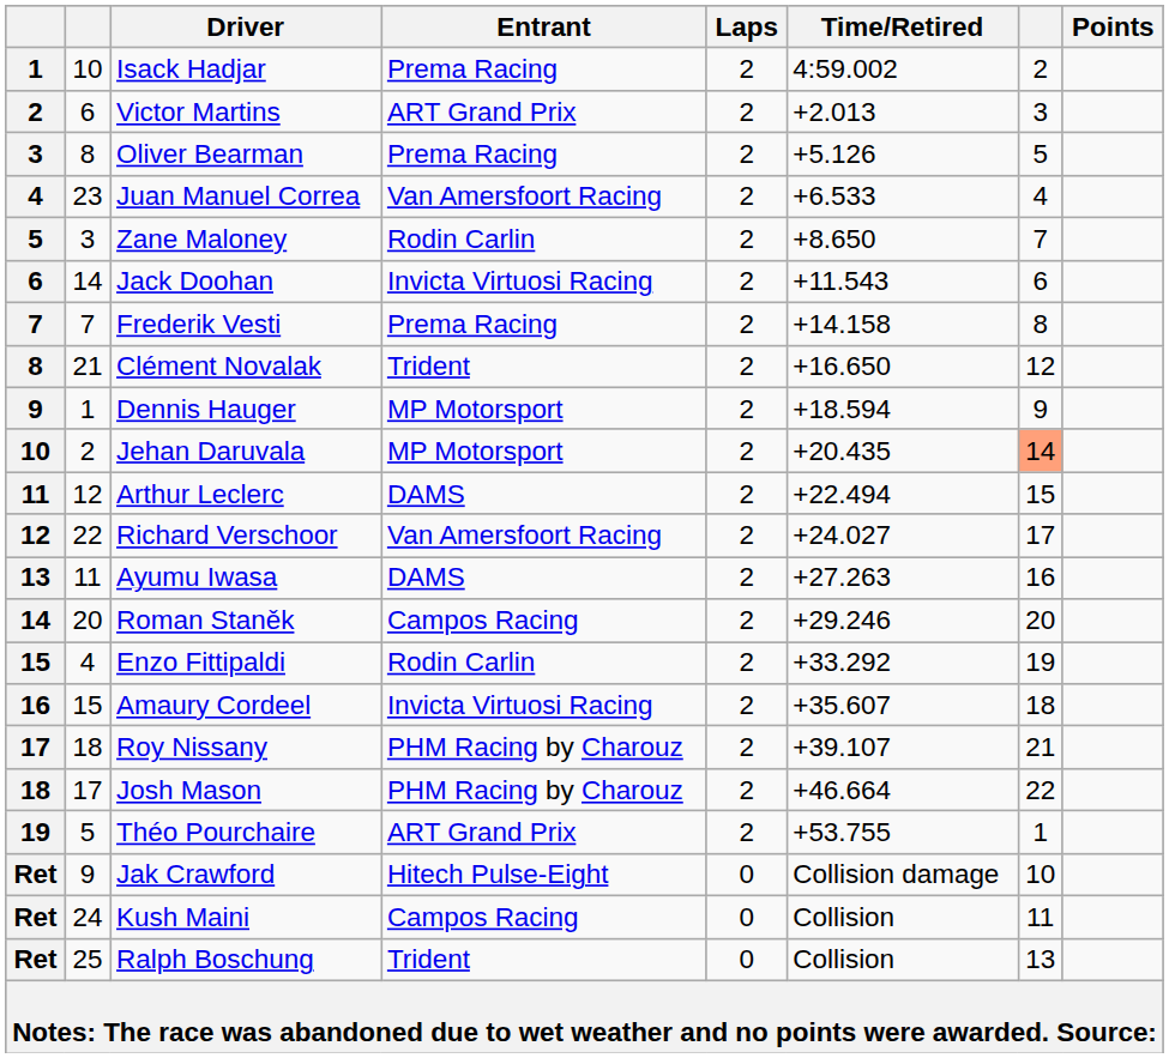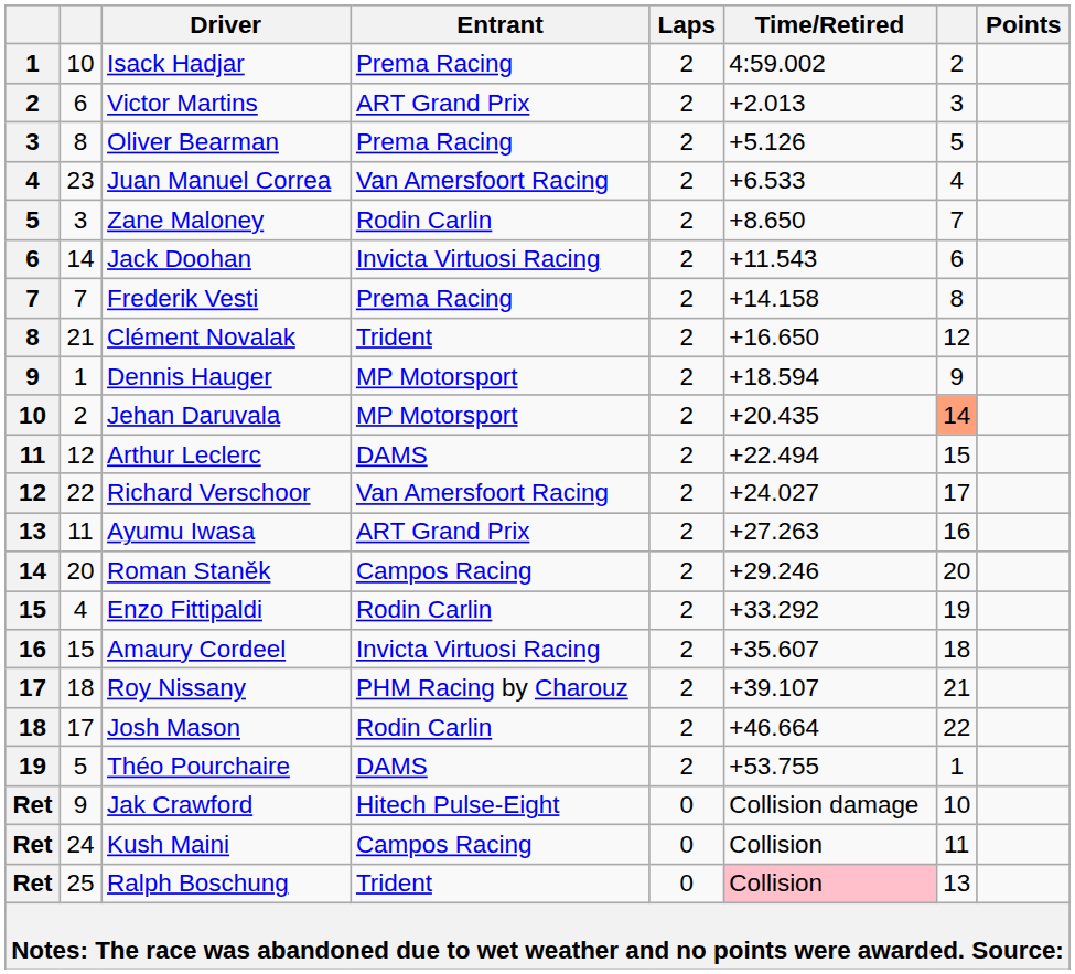 <table class="wikitable" style="font-size:85%">
 <tr>
 <th scope="col"></th>
 <th scope="col"></th>
 <th scope="col">Driver</th>
 <th scope="col">Entrant</th>
 <th scope="col">Laps</th>
 <th scope="col">Time/Retired</th>
 <th scope="col"></th>
 <th scope="col">Points</th>
 </tr>
 <tr>
 <th>1</th>
 <td align="center">10</td>
 <td> <a href='#'>Isack Hadjar</a></td>
 <td><a href='#'>Prema Racing</a></td>
 <td align="center">2</td>
 <td>4:59.002</td>
 <td align="center">2</td>
 <td align="center"></td>
 </tr>
 <tr>
 <th>2</th>
 <td align="center">6</td>
 <td> <a href='#'>Victor Martins</a></td>
 <td><a href='#'>ART Grand Prix</a></td>
 <td align="center">2</td>
 <td>+2.013</td>
 <td align="center">3</td>
 <td align="center"></td>
 </tr>
 <tr>
 <th>3</th>
 <td align="center">8</td>
 <td> <a href='#'>Oliver Bearman</a></td>
 <td><a href='#'>Prema Racing</a></td>
 <td align="center">2</td>
 <td>+5.126</td>
 <td align="center">5</td>
 <td align="center"></td>
 </tr>
 <tr>
 <th>4</th>
 <td align="center">23</td>
 <td> <a href='#'>Juan Manuel Correa</a></td>
 <td><a href='#'>Van Amersfoort Racing</a></td>
 <td align="center">2</td>
 <td>+6.533</td>
 <td align="center">4</td>
 <td align="center"></td>
 </tr>
 <tr>
 <th>5</th>
 <td align="center">3</td>
 <td> <a href='#'>Zane Maloney</a></td>
 <td><a href='#'>Rodin Carlin</a></td>
 <td align="center">2</td>
 <td>+8.650</td>
 <td align="center">7</td>
 <td align="center"></td>
 </tr>
 <tr>
 <th>6</th>
 <td align="center">14</td>
 <td> <a href='#'>Jack Doohan</a></td>
 <td><a href='#'>Invicta Virtuosi Racing</a></td>
 <td align="center">2</td>
 <td>+11.543</td>
 <td align="center">6</td>
 <td align="center"></td>
 </tr>
 <tr>
 <th>7</th>
 <td align="center">7</td>
 <td> <a href='#'>Frederik Vesti</a></td>
 <td><a href='#'>Prema Racing</a></td>
 <td align="center">2</td>
 <td>+14.158</td>
 <td align="center">8</td>
 <td align="center"></td>
 </tr>
 <tr>
 <th>8</th>
 <td align="center">21</td>
 <td> <a href='#'>Clément Novalak</a></td>
 <td><a href='#'>Trident</a></td>
 <td align="center">2</td>
 <td>+16.650</td>
 <td align="center">12</td>
 <td align="center"></td>
 </tr>
 <tr>
 <th>9</th>
 <td align="center">1</td>
 <td> <a href='#'>Dennis Hauger</a></td>
 <td><a href='#'>MP Motorsport</a></td>
 <td align="center">2</td>
 <td>+18.594</td>
 <td align="center">9</td>
 <td align="center"></td>
 </tr>
 <tr>
 <th>10</th>
 <td align="center">2</td>
 <td> <a href='#'>Jehan Daruvala</a></td>
 <td><a href='#'>MP Motorsport</a></td>
 <td align="center">2</td>
 <td>+20.435</td>
 <td align="center" style="background: lightsalmon;">14</td>
 <td align="center"></td>
 </tr>
 <tr>
 <th>11</th>
 <td align="center">12</td>
 <td> <a href='#'>Arthur Leclerc</a></td>
 <td><a href='#'>DAMS</a></td>
 <td align="center">2</td>
 <td>+22.494</td>
 <td align="center">15</td>
 <td align="center"></td>
 </tr>
 <tr>
 <th>12</th>
 <td align="center">22</td>
 <td> <a href='#'>Richard Verschoor</a></td>
 <td><a href='#'>Van Amersfoort Racing</a></td>
 <td align="center">2</td>
 <td>+24.027</td>
 <td align="center">17</td>
 <td align="center"></td>
 </tr>
 <tr>
 <th>13</th>
 <td align="center">11</td>
 <td> <a href='#'>Ayumu Iwasa</a></td>
-<td><a href='#'>DAMS</a></td>
+<td><a href='#'>ART Grand Prix</a></td>
 <td align="center">2</td>
 <td>+27.263</td>
 <td align="center">16</td>
 <td align="center"></td>
 </tr>
 <tr>
 <th>14</th>
 <td align="center">20</td>
 <td> <a href='#'>Roman Staněk</a></td>
 <td><a href='#'>Campos Racing</a></td>
 <td align="center">2</td>
 <td>+29.246</td>
 <td align="center">20</td>
 <td align="center"></td>
 </tr>
 <tr>
 <th>15</th>
 <td align="center">4</td>
 <td> <a href='#'>Enzo Fittipaldi</a></td>
 <td><a href='#'>Rodin Carlin</a></td>
 <td align="center">2</td>
 <td>+33.292</td>
 <td align="center">19</td>
 <td align="center"></td>
 </tr>
 <tr>
 <th>16</th>
 <td align="center">15</td>
 <td> <a href='#'>Amaury Cordeel</a></td>
 <td><a href='#'>Invicta Virtuosi Racing</a></td>
 <td align="center">2</td>
 <td>+35.607</td>
 <td align="center">18</td>
 <td align="center"></td>
 </tr>
 <tr>
 <th>17</th>
 <td align="center">18</td>
 <td> <a href='#'>Roy Nissany</a></td>
 <td><a href='#'>PHM Racing</a> by <a href='#'>Charouz</a></td>
 <td align="center">2</td>
 <td>+39.107</td>
 <td align="center">21</td>
 <td align="center"></td>
 </tr>
 <tr>
 <th>18</th>
 <td align="center">17</td>
 <td> <a href='#'>Josh Mason</a></td>
-<td><a href='#'>PHM Racing</a> by <a href='#'>Charouz</a></td>
+<td><a href='#'>Rodin Carlin</a></td>
 <td align="center">2</td>
 <td>+46.664</td>
 <td align="center">22</td>
 <td align="center"></td>
 </tr>
 <tr>
 <th>19</th>
 <td align="center">5</td>
 <td> <a href='#'>Théo Pourchaire</a></td>
-<td><a href='#'>ART Grand Prix</a></td>
+<td><a href='#'>DAMS</a></td>
 <td align="center">2</td>
 <td>+53.755</td>
 <td align="center">1</td>
 <td align="center"></td>
 </tr>
 <tr>
 <th>Ret</th>
 <td align="center">9</td>
 <td> <a href='#'>Jak Crawford</a></td>
 <td><a href='#'>Hitech Pulse-Eight</a></td>
 <td align="center">0</td>
 <td>Collision damage</td>
 <td align="center">10</td>
 <td align="center"></td>
 </tr>
 <tr>
 <th>Ret</th>
 <td align="center">24</td>
 <td> <a href='#'>Kush Maini</a></td>
 <td><a href='#'>Campos Racing</a></td>
 <td align="center">0</td>
 <td>Collision</td>
 <td align="center">11</td>
 <td align="center"></td>
 </tr>
 <tr>
 <th>Ret</th>
 <td align="center">25</td>
 <td> <a href='#'>Ralph Boschung</a></td>
 <td><a href='#'>Trident</a></td>
 <td align="center">0</td>
-<td>Collision</td>
+<td style="background: pink;">Collision</td>
 <td align="center">13</td>
 <td align="center"></td>
 </tr>
 <tr>
 <th colspan="8"><br>Notes: The race was abandoned due to wet weather and no points were awarded. Source:</th>
 </tr>
 </table>
